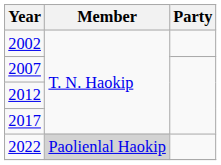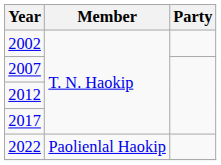 <table class="wikitable sortable">
 <tr>
 <th>Year</th>
 <th>Member</th>
 <th colspan="2">Party</th>
 </tr>
 <tr>
 <td><a href='#'>2002</a></td>
 <td rowspan="4"><a href='#'>T. N. Haokip</a></td>
 <td></td>
 </tr>
 <tr>
 <td><a href='#'>2007</a></td>
 </tr>
 <tr>
 <td><a href='#'>2012</a></td>
 </tr>
 <tr>
 <td><a href='#'>2017</a></td>
 </tr>
 <tr>
 <td><a href='#'>2022</a></td>
-<td style="background: lightgrey;"><a href='#'>Paolienlal Haokip</a></td>
+<td><a href='#'>Paolienlal Haokip</a></td>
 <td></td>
 </tr>
 <tr>
 </tr>
 </table>
